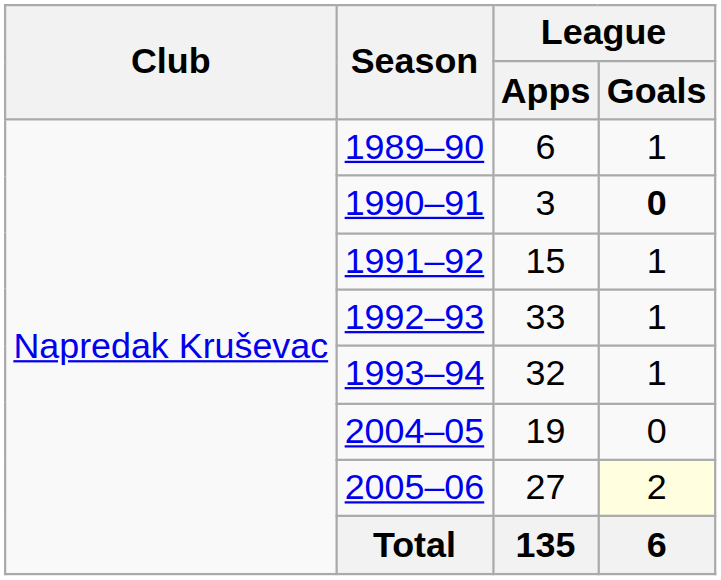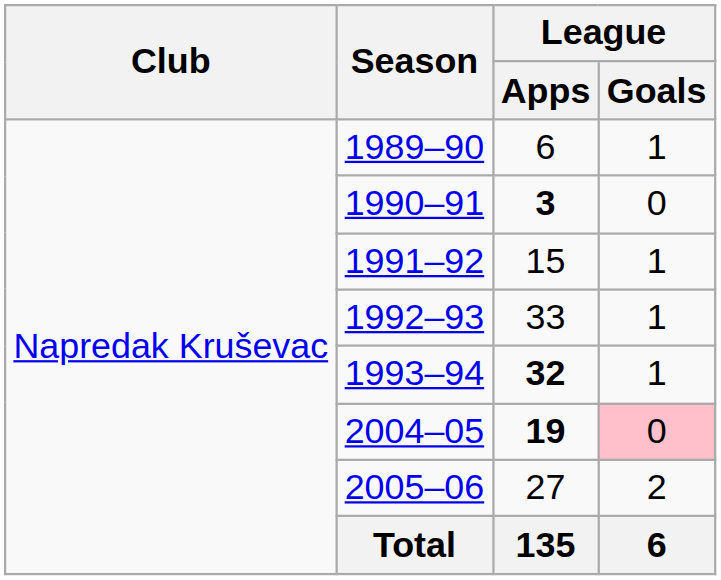 <table class="wikitable" style="text-align:center">
 <tr>
 <th rowspan="2">Club</th>
 <th rowspan="2">Season</th>
 <th colspan="2">League</th>
 </tr>
 <tr>
 <th>Apps</th>
 <th>Goals</th>
 </tr>
 <tr>
 <td rowspan="8"><a href='#'>Napredak Kruševac</a></td>
 <td><a href='#'>1989–90</a></td>
 <td>6</td>
 <td>1</td>
 </tr>
 <tr>
 <td><a href='#'>1990–91</a></td>
-<td>3</td>
-<td><strong>0</strong></td>
+<td><strong>3</strong></td>
+<td>0</td>
 </tr>
 <tr>
 <td><a href='#'>1991–92</a></td>
 <td>15</td>
 <td>1</td>
 </tr>
 <tr>
 <td><a href='#'>1992–93</a></td>
 <td>33</td>
 <td>1</td>
 </tr>
 <tr>
 <td><a href='#'>1993–94</a></td>
-<td>32</td>
+<td><strong>32</strong></td>
 <td>1</td>
 </tr>
 <tr>
 <td><a href='#'>2004–05</a></td>
-<td>19</td>
-<td>0</td>
+<td><strong>19</strong></td>
+<td style="background: pink;">0</td>
 </tr>
 <tr>
 <td><a href='#'>2005–06</a></td>
 <td>27</td>
-<td style="background: lightyellow;">2</td>
+<td>2</td>
 </tr>
 <tr>
 <th>Total</th>
 <th>135</th>
 <th>6</th>
 </tr>
 </table>
